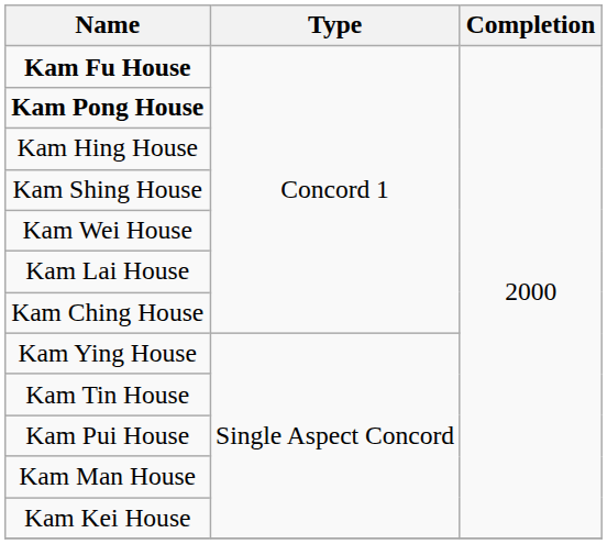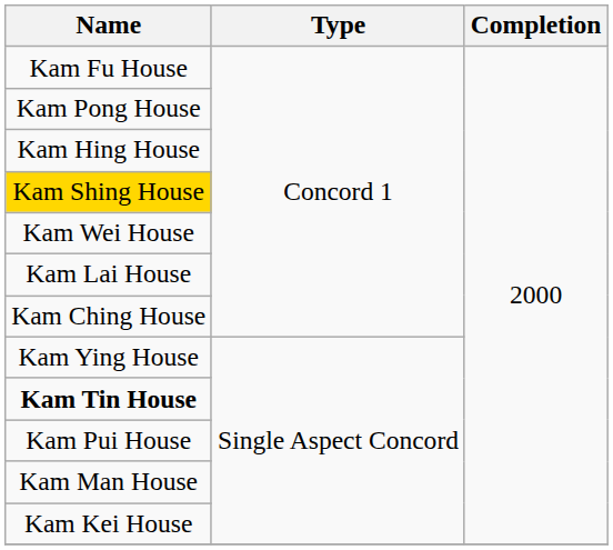 <table class="wikitable" style="text-align: center">
 <tr>
 <th>Name</th>
 <th>Type</th>
 <th>Completion</th>
 </tr>
 <tr>
-<td><strong>Kam Fu House</strong></td>
+<td>Kam Fu House</td>
 <td rowspan="7">Concord 1</td>
 <td rowspan="12">2000</td>
 </tr>
 <tr>
-<td><strong>Kam Pong House</strong></td>
+<td>Kam Pong House</td>
 </tr>
 <tr>
 <td>Kam Hing House</td>
 </tr>
 <tr>
-<td>Kam Shing House</td>
+<td style="background: gold;">Kam Shing House</td>
 </tr>
 <tr>
 <td>Kam Wei House</td>
 </tr>
 <tr>
 <td>Kam Lai House</td>
 </tr>
 <tr>
 <td>Kam Ching House</td>
 </tr>
 <tr>
 <td>Kam Ying House</td>
 <td rowspan="5">Single Aspect Concord</td>
 </tr>
 <tr>
-<td>Kam Tin House</td>
+<td><strong>Kam Tin House</strong></td>
 </tr>
 <tr>
 <td>Kam Pui House</td>
 </tr>
 <tr>
 <td>Kam Man House</td>
 </tr>
 <tr>
 <td>Kam Kei House</td>
 </tr>
 <tr>
 </tr>
 </table>
